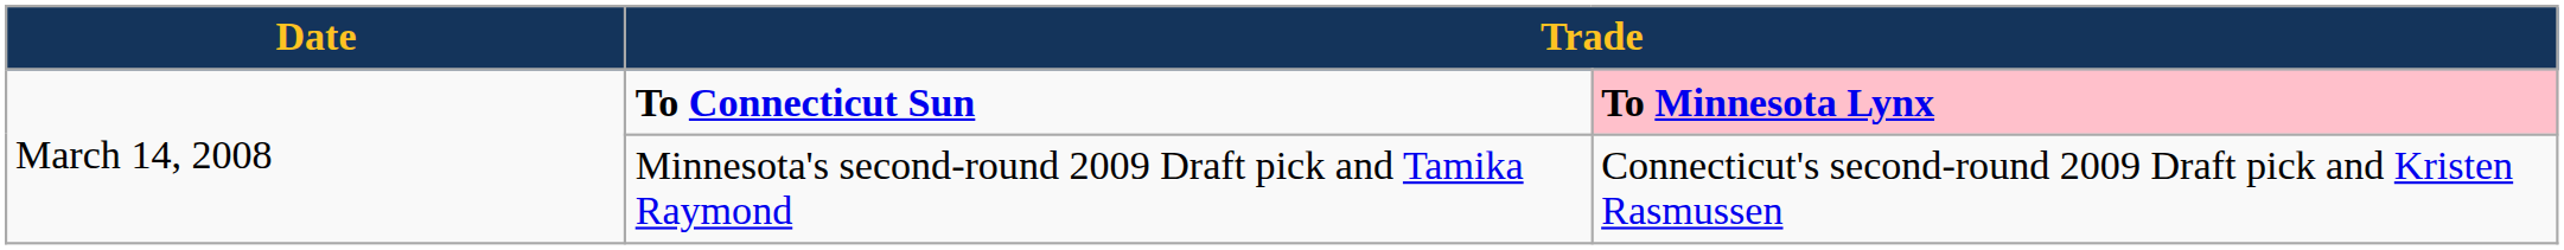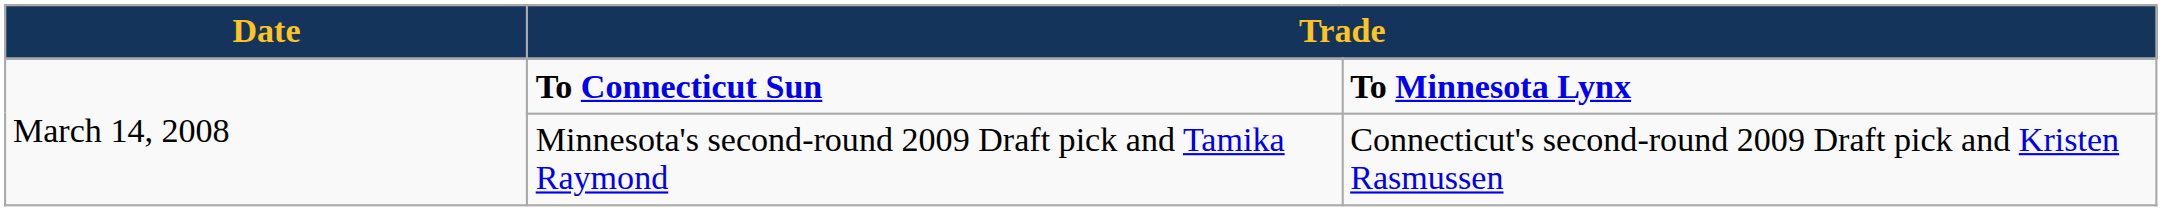 <table class="wikitable" style="width:80%">
 <tr>
 <th style="background:#14345B;color:#ffc322; width=125">Date</th>
 <th style="background:#14345B;color:#ffc322;" colspan=2>Trade</th>
 </tr>
 <tr>
 <td rowspan=2>March 14, 2008</td>
 <td width=375><strong>To <a href='#'>Connecticut Sun</a></strong></td>
-<td width=375 style="background: pink;"><strong>To <a href='#'>Minnesota Lynx</a></strong></td>
+<td width=375><strong>To <a href='#'>Minnesota Lynx</a></strong></td>
 </tr>
 <tr>
 <td>Minnesota's second-round 2009 Draft pick and <a href='#'>Tamika Raymond</a></td>
 <td>Connecticut's second-round 2009 Draft pick and <a href='#'>Kristen Rasmussen</a></td>
 </tr>
 </table>
